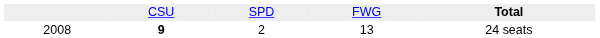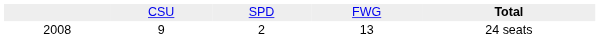 <table border="0" cellpadding="2" cellspacing="0" width="60%">
 <tr bgcolor="#eeeeee" align="center">
 <td></td>
 <td><a href='#'>CSU</a></td>
 <td><a href='#'>SPD</a></td>
 <td><a href='#'>FWG</a></td>
 <td><strong>Total</strong></td>
 </tr>
 <tr align="center">
 <td>2008</td>
-<td><strong>9</strong></td>
+<td>9</td>
 <td>2</td>
 <td>13</td>
 <td>24 seats</td>
 </tr>
 </table>
